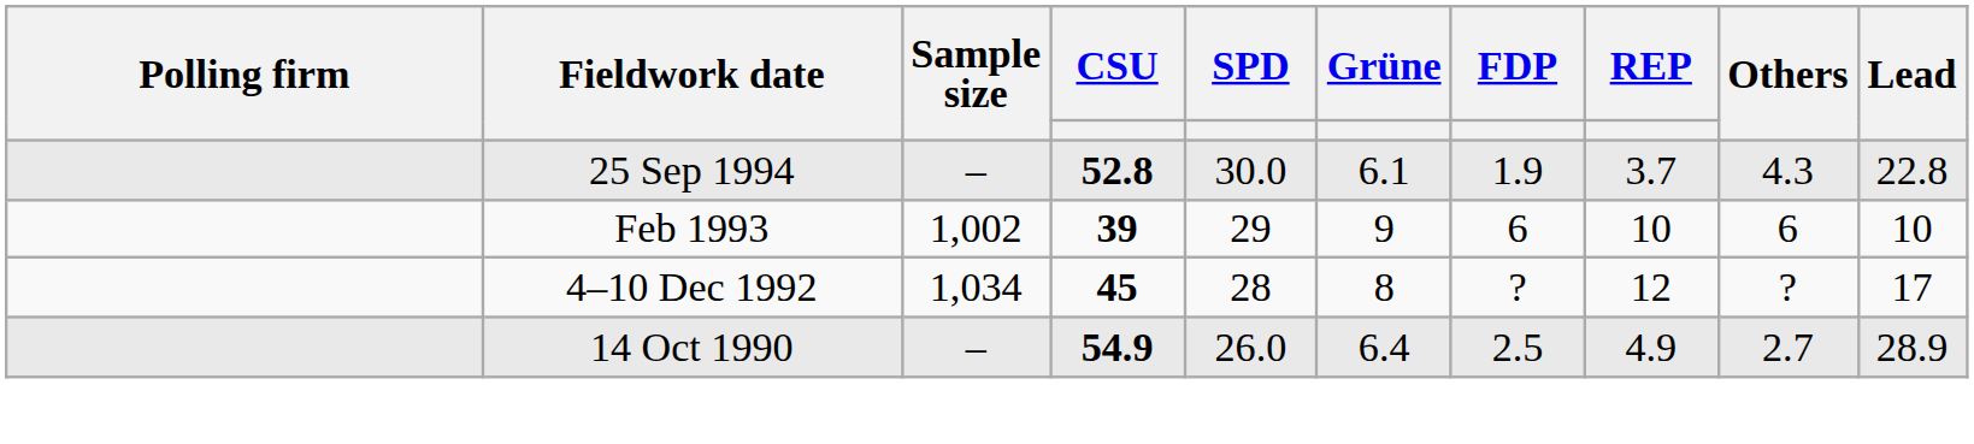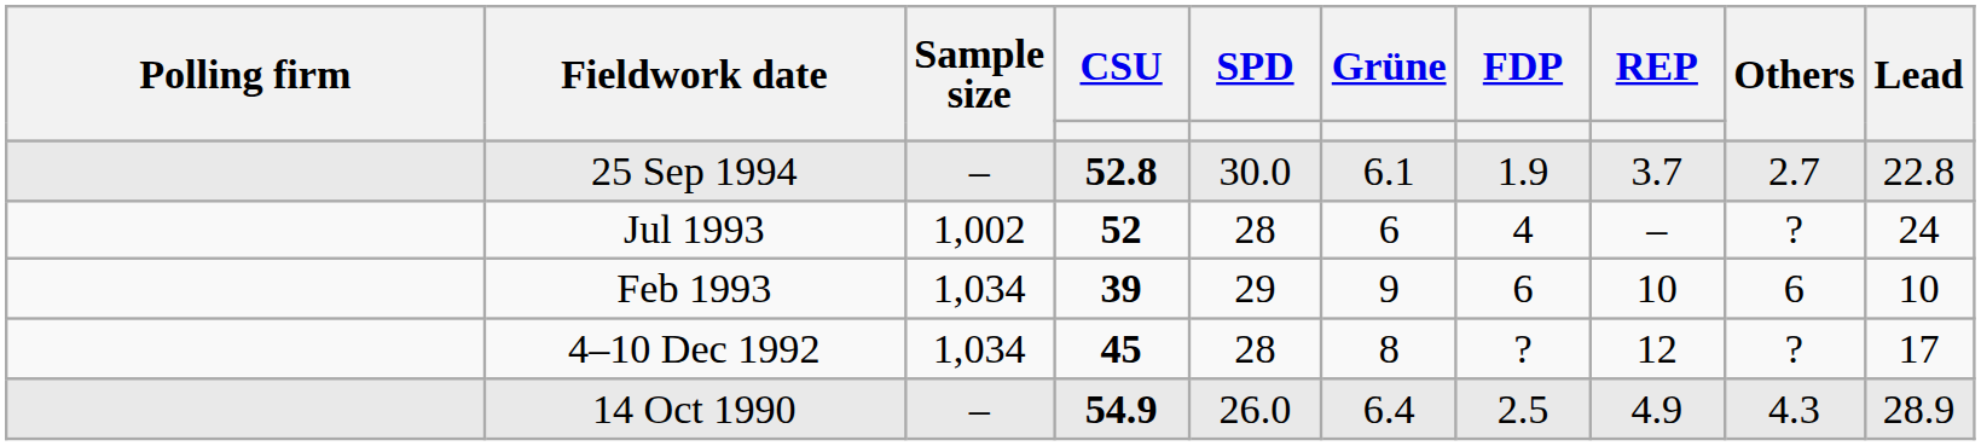 <table class="wikitable sortable" style="text-align:center;font-size:90%;line-height:14px;">
 <tr style="height:40px;">
 <th style="width:160px;" rowspan="2">Polling firm</th>
 <th style="width:140px;" rowspan="2">Fieldwork date</th>
 <th style="width:35px;" rowspan="2">Sample<br>size</th>
 <th class="unsortable" style="width:40px;"><a href='#'>CSU</a></th>
 <th class="unsortable" style="width:40px;"><a href='#'>SPD</a></th>
 <th class="unsortable" style="width:40px;"><a href='#'>Grüne</a></th>
 <th class="unsortable" style="width:40px;"><a href='#'>FDP</a></th>
 <th class="unsortable" style="width:40px;"><a href='#'>REP</a></th>
 <th class="unsortable" style="width:40px;" rowspan="2">Others</th>
 <th style="width:30px;" rowspan="2">Lead</th>
 </tr>
 <tr>
 <th style="background:"></th>
 <th style="background:"></th>
 <th style="background:"></th>
 <th style="background:"></th>
 <th style="background:"></th>
 </tr>
 <tr style="background:#E9E9E9;">
 <td></td>
 <td data-sort-value="1994-09-25">25 Sep 1994</td>
 <td>–</td>
 <td><strong>52.8</strong></td>
 <td>30.0</td>
 <td>6.1</td>
 <td>1.9</td>
 <td>3.7</td>
-<td>4.3</td>
+<td>2.7</td>
 <td style="background:">22.8</td>
 </tr>
 <tr>
 <td></td>
+<td data-sort-value="1993-08-19">Jul 1993</td>
+<td>1,002</td>
+<td><strong>52</strong></td>
+<td>28</td>
+<td>6</td>
+<td>4</td>
+<td>–</td>
+<td>?</td>
+<td style="background:">24</td>
+</tr>
+<tr>
+<td></td>
 <td data-sort-value="1993-02-22">Feb 1993</td>
-<td>1,002</td>
+<td>1,034</td>
 <td><strong>39</strong></td>
 <td>29</td>
 <td>9</td>
 <td>6</td>
 <td>10</td>
 <td>6</td>
 <td style="background:">10</td>
 </tr>
 <tr>
 <td></td>
 <td data-sort-value="1992-12-31">4–10 Dec 1992</td>
 <td>1,034</td>
 <td><strong>45</strong></td>
 <td>28</td>
 <td>8</td>
 <td>?</td>
 <td>12</td>
 <td>?</td>
 <td style="background:">17</td>
 </tr>
 <tr style="background:#E9E9E9;">
 <td></td>
 <td data-sort-value="1990-10-14">14 Oct 1990</td>
 <td>–</td>
 <td><strong>54.9</strong></td>
 <td>26.0</td>
 <td>6.4</td>
 <td>2.5</td>
 <td>4.9</td>
-<td>2.7</td>
+<td>4.3</td>
 <td style="background:">28.9</td>
 </tr>
 </table>
